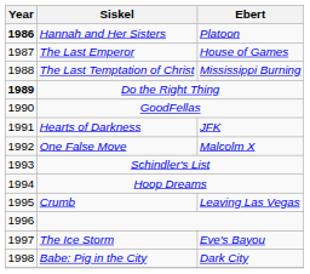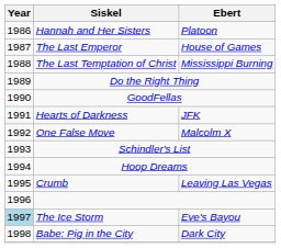 <table class="wikitable">
 <tr>
 <th scope="col">Year</th>
 <th scope="col">Siskel</th>
 <th scope="col">Ebert</th>
 </tr>
 <tr>
-<td scope="row"><strong>1986</strong></td>
+<td scope="row">1986</td>
 <td><em><a href='#'>Hannah and Her Sisters</a></em></td>
 <td><em><a href='#'>Platoon</a></em></td>
 </tr>
 <tr>
 <td scope="row">1987</td>
 <td><em><a href='#'>The Last Emperor</a></em></td>
 <td><em><a href='#'>House of Games</a></em></td>
 </tr>
 <tr>
 <td scope="row">1988</td>
 <td><em><a href='#'>The Last Temptation of Christ</a></em></td>
 <td><em><a href='#'>Mississippi Burning</a></em></td>
 </tr>
 <tr>
-<td scope="row"><strong>1989</strong></td>
+<td scope="row">1989</td>
 <td colspan="2" style="text-align:center;"><em><a href='#'>Do the Right Thing</a></em></td>
 </tr>
 <tr>
 <td scope="row">1990</td>
 <td colspan="2" style="text-align:center;"><em><a href='#'>GoodFellas</a></em></td>
 </tr>
 <tr>
 <td scope="row">1991</td>
 <td><em><a href='#'>Hearts of Darkness</a></em></td>
 <td><em><a href='#'>JFK</a></em></td>
 </tr>
 <tr>
 <td scope="row">1992</td>
 <td><em><a href='#'>One False Move</a></em></td>
 <td><em><a href='#'>Malcolm X</a></em></td>
 </tr>
 <tr>
 <td scope="row">1993</td>
 <td colspan="2" style="text-align:center;"><em><a href='#'>Schindler's List</a></em></td>
 </tr>
 <tr>
 <td scope="row">1994</td>
 <td colspan="2" style="text-align:center;"><em><a href='#'>Hoop Dreams</a></em></td>
 </tr>
 <tr>
 <td scope="row">1995</td>
 <td><em><a href='#'>Crumb</a></em></td>
 <td><em><a href='#'>Leaving Las Vegas</a></em></td>
 </tr>
 <tr>
 <td scope="row">1996</td>
 <td colspan="2"></td>
 </tr>
 <tr>
-<td scope="row">1997</td>
+<td scope="row" style="background: lightblue;">1997</td>
 <td><em><a href='#'>The Ice Storm</a></em></td>
 <td><em><a href='#'>Eve's Bayou</a></em></td>
 </tr>
 <tr>
 <td scope="row">1998</td>
 <td><em><a href='#'>Babe: Pig in the City</a></em></td>
 <td><em><a href='#'>Dark City</a></em></td>
 </tr>
 <tr>
 </tr>
 </table>
